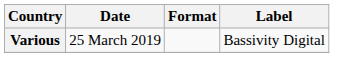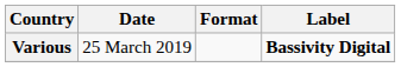 <table class="wikitable plainrowheaders">
 <tr>
 <th scope="col">Country</th>
 <th scope="col">Date</th>
 <th scope="col">Format</th>
 <th scope="col">Label</th>
 </tr>
 <tr>
 <th>Various</th>
 <td>25 March 2019</td>
 <td></td>
-<td>Bassivity Digital</td>
+<td><strong>Bassivity Digital</strong></td>
 </tr>
 <tr>
 </tr>
 </table>
